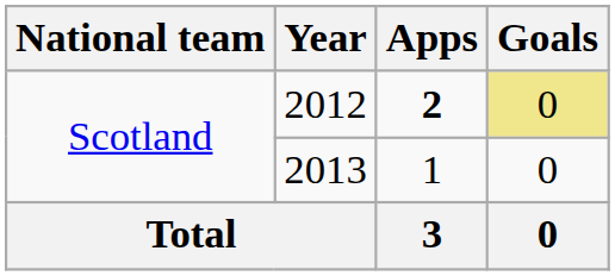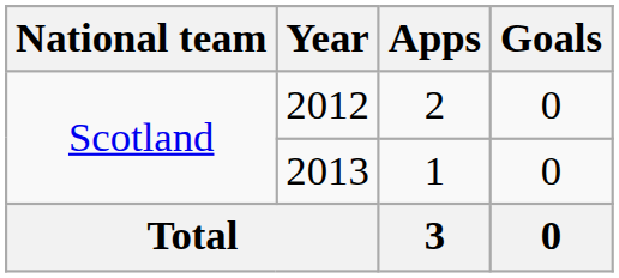 <table class=wikitable style="text-align: center;">
 <tr>
 <th>National team</th>
 <th>Year</th>
 <th>Apps</th>
 <th>Goals</th>
 </tr>
 <tr>
 <td rowspan=2><a href='#'>Scotland</a></td>
 <td>2012</td>
-<td><strong>2</strong></td>
-<td style="background: khaki;">0</td>
+<td>2</td>
+<td>0</td>
 </tr>
 <tr>
 <td>2013</td>
 <td>1</td>
 <td>0</td>
 </tr>
 <tr>
 <th colspan=2>Total</th>
 <th>3</th>
 <th>0</th>
 </tr>
 </table>
